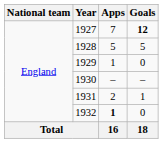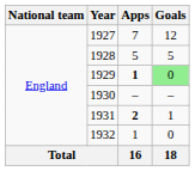 <table class="wikitable" style="text-align:center">
 <tr>
 <th>National team</th>
 <th>Year</th>
 <th>Apps</th>
 <th>Goals</th>
 </tr>
 <tr>
 <td rowspan="6"><a href='#'>England</a></td>
 <td>1927</td>
 <td>7</td>
-<td><strong>12</strong></td>
+<td>12</td>
 </tr>
 <tr>
 <td>1928</td>
 <td>5</td>
 <td>5</td>
 </tr>
 <tr>
 <td>1929</td>
-<td>1</td>
-<td>0</td>
+<td><strong>1</strong></td>
+<td style="background: lightgreen;">0</td>
 </tr>
 <tr>
 <td>1930</td>
 <td>–</td>
 <td>–</td>
 </tr>
 <tr>
 <td>1931</td>
-<td>2</td>
+<td><strong>2</strong></td>
 <td>1</td>
 </tr>
 <tr>
 <td>1932</td>
-<td><strong>1</strong></td>
+<td>1</td>
 <td>0</td>
 </tr>
 <tr>
 <th colspan="2">Total</th>
 <th>16</th>
 <th>18</th>
 </tr>
 </table>
